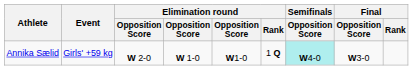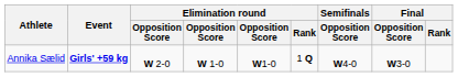 <table class="wikitable" style="font-size:90%">
 <tr>
 <th rowspan=2>Athlete</th>
 <th rowspan=2>Event</th>
 <th colspan=4>Elimination round</th>
 <th>Semifinals</th>
 <th colspan=2>Final</th>
 </tr>
 <tr style="font-size:95%">
 <th>Opposition<br>Score</th>
 <th>Opposition<br>Score</th>
 <th>Opposition<br>Score</th>
 <th>Rank</th>
 <th>Opposition<br>Score</th>
 <th>Opposition<br>Score</th>
 <th>Rank</th>
 </tr>
 <tr align=center>
 <td align=left><a href='#'>Annika Sælid</a></td>
-<td align=left><a href='#'>Girls' +59 kg</a></td>
+<td align=left><strong><a href='#'>Girls' +59 kg</a></strong></td>
 <td><br> <strong>W</strong> 2-0</td>
 <td><br> <strong>W</strong> 1-0</td>
 <td><br> <strong>W</strong>1-0</td>
 <td>1 <strong>Q</strong></td>
-<td style="background: paleturquoise;"><br> <strong>W</strong>4-0</td>
+<td><br> <strong>W</strong>4-0</td>
 <td><br> <strong>W</strong>3-0</td>
 <td></td>
 </tr>
 </table>
